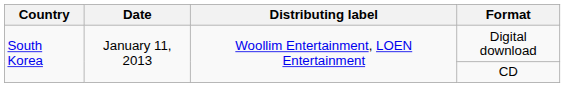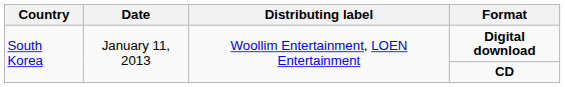 <table class="wikitable" style="width:670px;">
 <tr>
 <th>Country</th>
 <th>Date</th>
 <th>Distributing label</th>
 <th>Format</th>
 </tr>
 <tr>
 <td rowspan="2"><a href='#'>South Korea</a></td>
 <td rowspan="2" style="text-align:center;">January 11, 2013</td>
 <td rowspan="2" style="text-align:center;"><a href='#'>Woollim Entertainment</a>, <a href='#'>LOEN Entertainment</a></td>
-<td style="text-align:center;">Digital download</td>
+<td style="text-align:center;"><strong>Digital download</strong></td>
 </tr>
 <tr>
-<td style="text-align:center;">CD</td>
+<td style="text-align:center;"><strong>CD</strong></td>
 </tr>
 </table>
